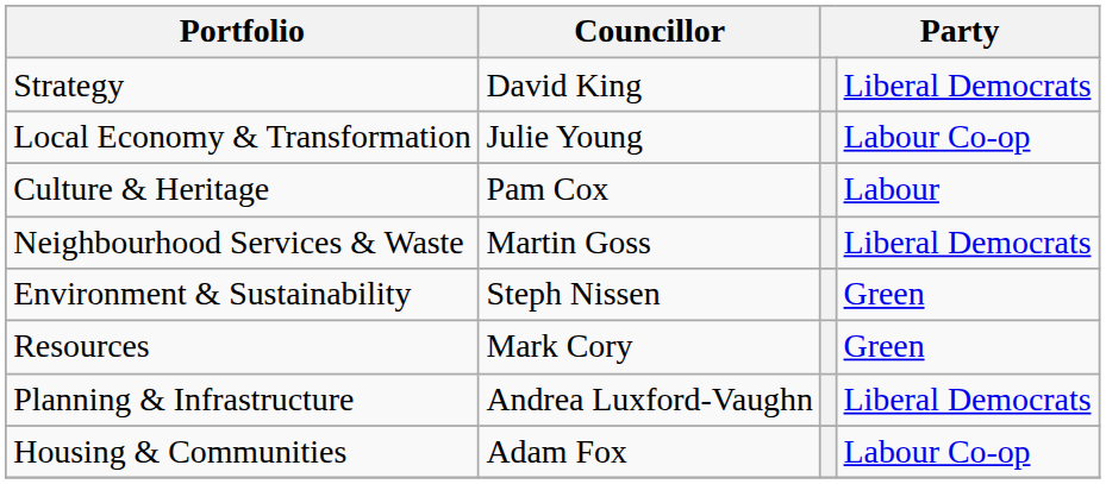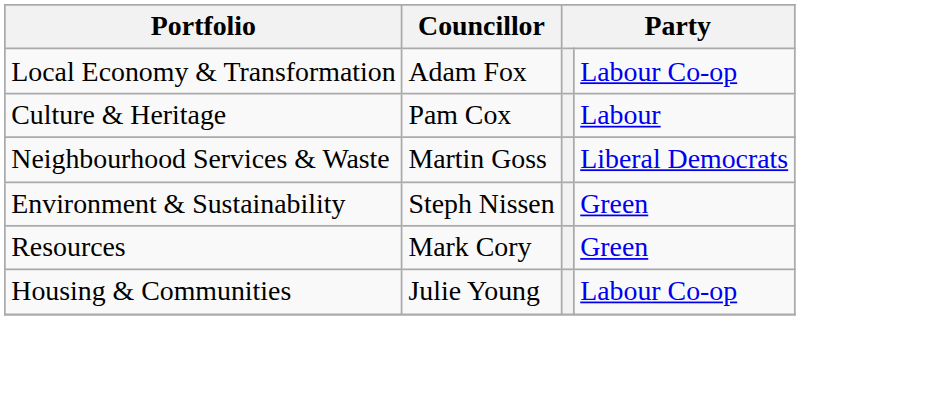 <table class="wikitable sortable">
 <tr>
 <th>Portfolio</th>
 <th>Councillor</th>
 <th colspan="2">Party</th>
 </tr>
 <tr>
-<td align="left">Strategy</td>
-<td align="left">David King</td>
-<th style="background-color: "></th>
-<td><a href='#'>Liberal Democrats</a></td>
-</tr>
-<tr>
 <td align="left">Local Economy & Transformation</td>
-<td align="left">Julie Young</td>
+<td align="left">Adam Fox</td>
 <th style="background-color: "></th>
 <td><a href='#'>Labour Co-op</a></td>
 </tr>
 <tr>
 <td align="left">Culture & Heritage</td>
 <td align="left">Pam Cox</td>
 <th style="background-color: "></th>
 <td><a href='#'>Labour</a></td>
 </tr>
 <tr>
 <td align="left">Neighbourhood Services & Waste</td>
 <td align="left">Martin Goss</td>
 <th style="background-color: "></th>
 <td><a href='#'>Liberal Democrats</a></td>
 </tr>
 <tr>
 <td align="left">Environment & Sustainability</td>
 <td align="left">Steph Nissen</td>
 <th style="background-color: "></th>
 <td><a href='#'>Green</a></td>
 </tr>
 <tr>
 <td align="left">Resources</td>
 <td align="left">Mark Cory</td>
 <th style="background-color: "></th>
 <td><a href='#'>Green</a></td>
 </tr>
 <tr>
-<td align="left">Planning & Infrastructure</td>
-<td align="left">Andrea Luxford-Vaughn</td>
-<th style="background-color: "></th>
-<td><a href='#'>Liberal Democrats</a></td>
-</tr>
-<tr>
 <td align="left">Housing & Communities</td>
-<td align="left">Adam Fox</td>
+<td align="left">Julie Young</td>
 <th style="background-color: "></th>
 <td><a href='#'>Labour Co-op</a></td>
 </tr>
 <tr>
 </tr>
 </table>
